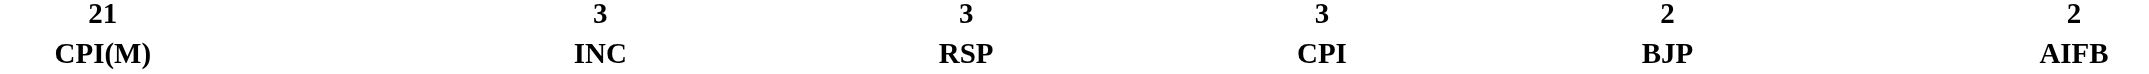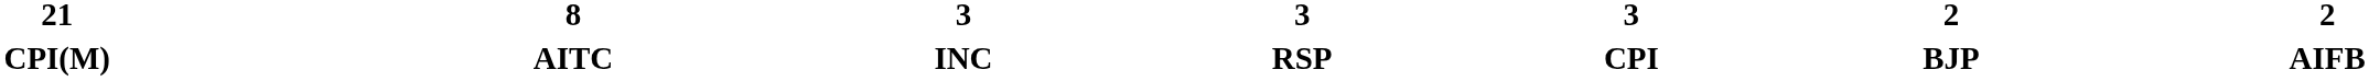 <table style="width:88%; text-align:center;">
 <tr>
 <td style="background:"><strong>21</strong></td>
+<td style="background:"><strong>8</strong></td>
 <td style="background:"><strong>3</strong></td>
 <td style="background:"><strong>3</strong></td>
 <td style="background:"><strong>3</strong></td>
 <td style="background:"><strong>2</strong></td>
 <td style="background:"><strong>2</strong></td>
 </tr>
 <tr>
 <td><span><strong>CPI(M)</strong></span></td>
+<td><span><strong>AITC</strong></span></td>
 <td><span><strong>INC</strong></span></td>
 <td><span><strong>RSP</strong></span></td>
 <td><span><strong>CPI</strong></span></td>
 <td><span><strong>BJP</strong></span></td>
 <td><span><strong>AIFB</strong></span></td>
 </tr>
 </table>
